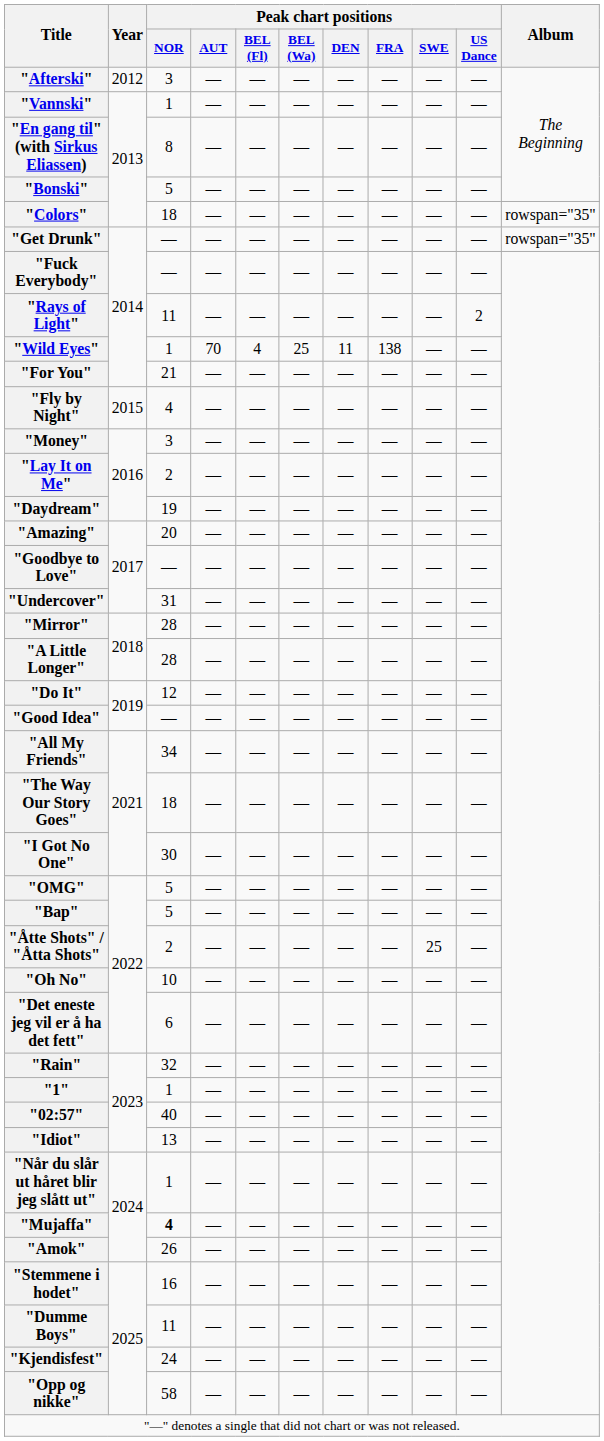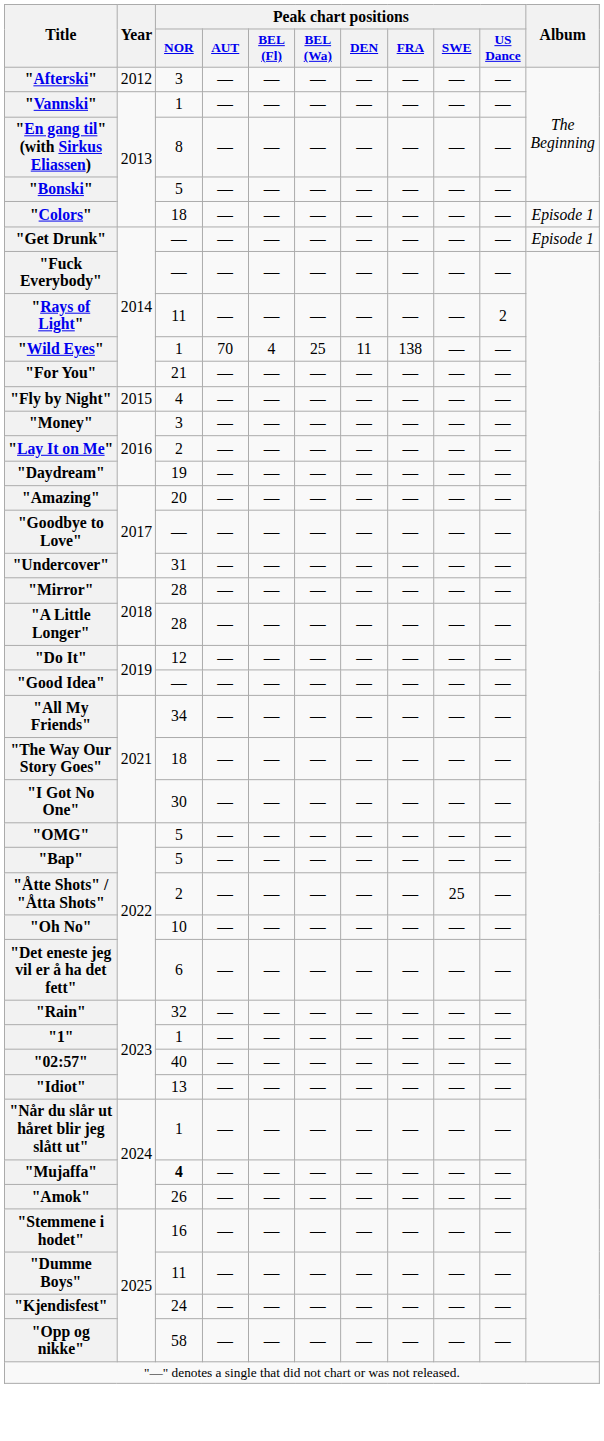 <table class="wikitable plainrowheaders" style="text-align:center;" border="1">
 <tr>
 <th scope="col" rowspan="2">Title</th>
 <th scope="col" rowspan="2">Year</th>
 <th scope="col" colspan="8">Peak chart positions</th>
 <th scope="col" rowspan="2">Album</th>
 </tr>
 <tr>
 <th scope="col" style="width:3em;font-size:85%;"><a href='#'>NOR</a><br></th>
 <th scope="col" style="width:3em;font-size:85%;"><a href='#'>AUT</a><br></th>
 <th scope="col" style="width:3em;font-size:85%;"><a href='#'>BEL<br>(Fl)</a><br></th>
 <th scope="col" style="width:3em;font-size:85%;"><a href='#'>BEL<br>(Wa)</a><br></th>
 <th scope="col" style="width:3em;font-size:85%;"><a href='#'>DEN</a><br></th>
 <th scope="col" style="width:3em;font-size:85%;"><a href='#'>FRA</a><br></th>
 <th scope="col" style="width:3em;font-size:85%;"><a href='#'>SWE</a><br></th>
 <th scope="col" style="width:3em;font-size:85%;"><a href='#'>US<br>Dance</a></th>
 </tr>
 <tr>
 <th scope="row">"<a href='#'>Afterski</a>"</th>
 <td>2012</td>
 <td>3</td>
 <td>—</td>
 <td>—</td>
 <td>—</td>
 <td>—</td>
 <td>—</td>
 <td>—</td>
 <td>—</td>
 <td rowspan="4"><em>The Beginning</em></td>
 </tr>
 <tr>
 <th scope="row">"<a href='#'>Vannski</a>"</th>
 <td rowspan="4">2013</td>
 <td>1</td>
 <td>—</td>
 <td>—</td>
 <td>—</td>
 <td>—</td>
 <td>—</td>
 <td>—</td>
 <td>—</td>
 </tr>
 <tr>
 <th scope="row">"<a href='#'>En gang til</a>"<br><span>(with <a href='#'>Sirkus Eliassen</a>)</span></th>
 <td>8</td>
 <td>—</td>
 <td>—</td>
 <td>—</td>
 <td>—</td>
 <td>—</td>
 <td>—</td>
 <td>—</td>
 </tr>
 <tr>
 <th scope="row">"<a href='#'>Bonski</a>"</th>
 <td>5</td>
 <td>—</td>
 <td>—</td>
 <td>—</td>
 <td>—</td>
 <td>—</td>
 <td>—</td>
 <td>—</td>
 </tr>
 <tr>
 <th scope="row">"<a href='#'>Colors</a>"</th>
 <td>18</td>
 <td>—</td>
 <td>—</td>
 <td>—</td>
 <td>—</td>
 <td>—</td>
 <td>—</td>
 <td>—</td>
-<td>rowspan="35" </td>
+<td><em>Episode 1</em></td>
 </tr>
 <tr>
 <th scope="row">"Get Drunk" <br></th>
 <td rowspan="5">2014</td>
 <td>—</td>
 <td>—</td>
 <td>—</td>
 <td>—</td>
 <td>—</td>
 <td>—</td>
 <td>—</td>
 <td>—</td>
-<td>rowspan="35" </td>
+<td><em>Episode 1</em></td>
 </tr>
 <tr>
 <th scope="row">"Fuck Everybody" <br></th>
 <td>—</td>
 <td>—</td>
 <td>—</td>
 <td>—</td>
 <td>—</td>
 <td>—</td>
 <td>—</td>
 <td>—</td>
 </tr>
 <tr>
 <th scope="row">"<a href='#'>Rays of Light</a>"</th>
 <td>11</td>
 <td>—</td>
 <td>—</td>
 <td>—</td>
 <td>—</td>
 <td>—</td>
 <td>—</td>
 <td>2</td>
 </tr>
 <tr>
 <th scope="row">"<a href='#'>Wild Eyes</a>"<br></th>
 <td>1</td>
 <td>70</td>
 <td>4</td>
 <td>25</td>
 <td>11</td>
 <td>138</td>
 <td>—</td>
 <td>—</td>
 </tr>
 <tr>
 <th scope="row">"For You"<br></th>
 <td>21</td>
 <td>—</td>
 <td>—</td>
 <td>—</td>
 <td>—</td>
 <td>—</td>
 <td>—</td>
 <td>—</td>
 </tr>
 <tr>
 <th scope="row">"Fly by Night" <br></th>
 <td>2015</td>
 <td>4</td>
 <td>—</td>
 <td>—</td>
 <td>—</td>
 <td>—</td>
 <td>—</td>
 <td>—</td>
 <td>—</td>
 </tr>
 <tr>
 <th scope="row">"Money" <br></th>
 <td rowspan="3">2016</td>
 <td>3</td>
 <td>—</td>
 <td>—</td>
 <td>—</td>
 <td>—</td>
 <td>—</td>
 <td>—</td>
 <td>—</td>
 </tr>
 <tr>
 <th scope="row">"<a href='#'>Lay It on Me</a>" <br></th>
 <td>2</td>
 <td>—</td>
 <td>—</td>
 <td>—</td>
 <td>—</td>
 <td>—</td>
 <td>—</td>
 <td>—</td>
 </tr>
 <tr>
 <th scope="row">"Daydream"</th>
 <td>19</td>
 <td>—</td>
 <td>—</td>
 <td>—</td>
 <td>—</td>
 <td>—</td>
 <td>—</td>
 <td>—</td>
 </tr>
 <tr>
 <th scope="row">"Amazing" <br></th>
 <td rowspan="3">2017</td>
 <td>20<br></td>
 <td>—</td>
 <td>—</td>
 <td>—</td>
 <td>—</td>
 <td>—</td>
 <td>—</td>
 <td>—</td>
 </tr>
 <tr>
 <th scope="row">"Goodbye to Love" <br></th>
 <td>—</td>
 <td>—</td>
 <td>—</td>
 <td>—</td>
 <td>—</td>
 <td>—</td>
 <td>—</td>
 <td>—</td>
 </tr>
 <tr>
 <th scope="row">"Undercover" <br></th>
 <td>31<br></td>
 <td>—</td>
 <td>—</td>
 <td>—</td>
 <td>—</td>
 <td>—</td>
 <td>—</td>
 <td>—</td>
 </tr>
 <tr>
 <th scope="row">"Mirror"</th>
 <td rowspan="2">2018</td>
 <td>28</td>
 <td>—</td>
 <td>—</td>
 <td>—</td>
 <td>—</td>
 <td>—</td>
 <td>—</td>
 <td>—</td>
 </tr>
 <tr>
 <th scope="row">"A Little Longer"</th>
 <td>28</td>
 <td>—</td>
 <td>—</td>
 <td>—</td>
 <td>—</td>
 <td>—</td>
 <td>—</td>
 <td>—</td>
 </tr>
 <tr>
 <th scope="row">"Do It"</th>
 <td rowspan="2">2019</td>
 <td>12</td>
 <td>—</td>
 <td>—</td>
 <td>—</td>
 <td>—</td>
 <td>—</td>
 <td>—</td>
 <td>—</td>
 </tr>
 <tr>
 <th scope="row">"Good Idea" <br></th>
 <td>—</td>
 <td>—</td>
 <td>—</td>
 <td>—</td>
 <td>—</td>
 <td>—</td>
 <td>—</td>
 <td>—</td>
 </tr>
 <tr>
 <th scope="row">"All My Friends"<br></th>
 <td rowspan="3">2021</td>
 <td>34</td>
 <td>—</td>
 <td>—</td>
 <td>—</td>
 <td>—</td>
 <td>—</td>
 <td>—</td>
 <td>—</td>
 </tr>
 <tr>
 <th scope="row">"The Way Our Story Goes"<br></th>
 <td>18</td>
 <td>—</td>
 <td>—</td>
 <td>—</td>
 <td>—</td>
 <td>—</td>
 <td>—</td>
 <td>—</td>
 </tr>
 <tr>
 <th scope="row">"I Got No One"<br></th>
 <td>30</td>
 <td>—</td>
 <td>—</td>
 <td>—</td>
 <td>—</td>
 <td>—</td>
 <td>—</td>
 <td>—</td>
 </tr>
 <tr>
 <th scope="row">"OMG"<br></th>
 <td rowspan="5">2022</td>
 <td>5</td>
 <td>—</td>
 <td>—</td>
 <td>—</td>
 <td>—</td>
 <td>—</td>
 <td>—</td>
 <td>—</td>
 </tr>
 <tr>
 <th scope="row">"Bap"<br></th>
 <td>5</td>
 <td>—</td>
 <td>—</td>
 <td>—</td>
 <td>—</td>
 <td>—</td>
 <td>—</td>
 <td>—</td>
 </tr>
 <tr>
 <th scope="row">"Åtte Shots" / "Åtta Shots"<br></th>
 <td>2</td>
 <td>—</td>
 <td>—</td>
 <td>—</td>
 <td>—</td>
 <td>—</td>
 <td>25</td>
 <td>—</td>
 </tr>
 <tr>
 <th scope="row">"Oh No"<br></th>
 <td>10</td>
 <td>—</td>
 <td>—</td>
 <td>—</td>
 <td>—</td>
 <td>—</td>
 <td>—</td>
 <td>—</td>
 </tr>
 <tr>
 <th scope="row">"Det eneste jeg vil er å ha det fett"<br></th>
 <td>6</td>
 <td>—</td>
 <td>—</td>
 <td>—</td>
 <td>—</td>
 <td>—</td>
 <td>—</td>
 <td>—</td>
 </tr>
 <tr>
 <th scope="row">"Rain"<br></th>
 <td rowspan="4">2023</td>
 <td>32</td>
 <td>—</td>
 <td>—</td>
 <td>—</td>
 <td>—</td>
 <td>—</td>
 <td>—</td>
 <td>—</td>
 </tr>
 <tr>
 <th scope="row">"1"<br></th>
 <td>1</td>
 <td>—</td>
 <td>—</td>
 <td>—</td>
 <td>—</td>
 <td>—</td>
 <td>—</td>
 <td>—</td>
 </tr>
 <tr>
 <th scope="row">"02:57"<br></th>
 <td>40</td>
 <td>—</td>
 <td>—</td>
 <td>—</td>
 <td>—</td>
 <td>—</td>
 <td>—</td>
 <td>—</td>
 </tr>
 <tr>
 <th scope="row">"Idiot"<br></th>
 <td>13</td>
 <td>—</td>
 <td>—</td>
 <td>—</td>
 <td>—</td>
 <td>—</td>
 <td>—</td>
 <td>—</td>
 </tr>
 <tr>
 <th scope="row">"Når du slår ut håret blir jeg slått ut"<br></th>
 <td rowspan="3">2024</td>
 <td>1</td>
 <td>—</td>
 <td>—</td>
 <td>—</td>
 <td>—</td>
 <td>—</td>
 <td>—</td>
 <td>—</td>
 </tr>
 <tr>
 <th scope="row">"Mujaffa"<br></th>
 <td><strong>4</strong></td>
 <td>—</td>
 <td>—</td>
 <td>—</td>
 <td>—</td>
 <td>—</td>
 <td>—</td>
 <td>—</td>
 </tr>
 <tr>
 <th scope="row">"Amok"<br></th>
 <td>26</td>
 <td>—</td>
 <td>—</td>
 <td>—</td>
 <td>—</td>
 <td>—</td>
 <td>—</td>
 <td>—</td>
 </tr>
 <tr>
 <th scope="row">"Stemmene i hodet"<br></th>
 <td rowspan="4">2025</td>
 <td>16<br></td>
 <td>—</td>
 <td>—</td>
 <td>—</td>
 <td>—</td>
 <td>—</td>
 <td>—</td>
 <td>—</td>
 </tr>
 <tr>
 <th scope="row">"Dumme Boys"<br></th>
 <td>11<br></td>
 <td>—</td>
 <td>—</td>
 <td>—</td>
 <td>—</td>
 <td>—</td>
 <td>—</td>
 <td>—</td>
 </tr>
 <tr>
 <th scope="row">"Kjendisfest"<br></th>
 <td>24<br></td>
 <td>—</td>
 <td>—</td>
 <td>—</td>
 <td>—</td>
 <td>—</td>
 <td>—</td>
 <td>—</td>
 </tr>
 <tr>
 <th scope="row">"Opp og nikke"<br></th>
 <td>58<br></td>
 <td>—</td>
 <td>—</td>
 <td>—</td>
 <td>—</td>
 <td>—</td>
 <td>—</td>
 <td>—</td>
 </tr>
 <tr>
 <td colspan="17" style="font-size:85%">"—" denotes a single that did not chart or was not released.</td>
 </tr>
 </table>
